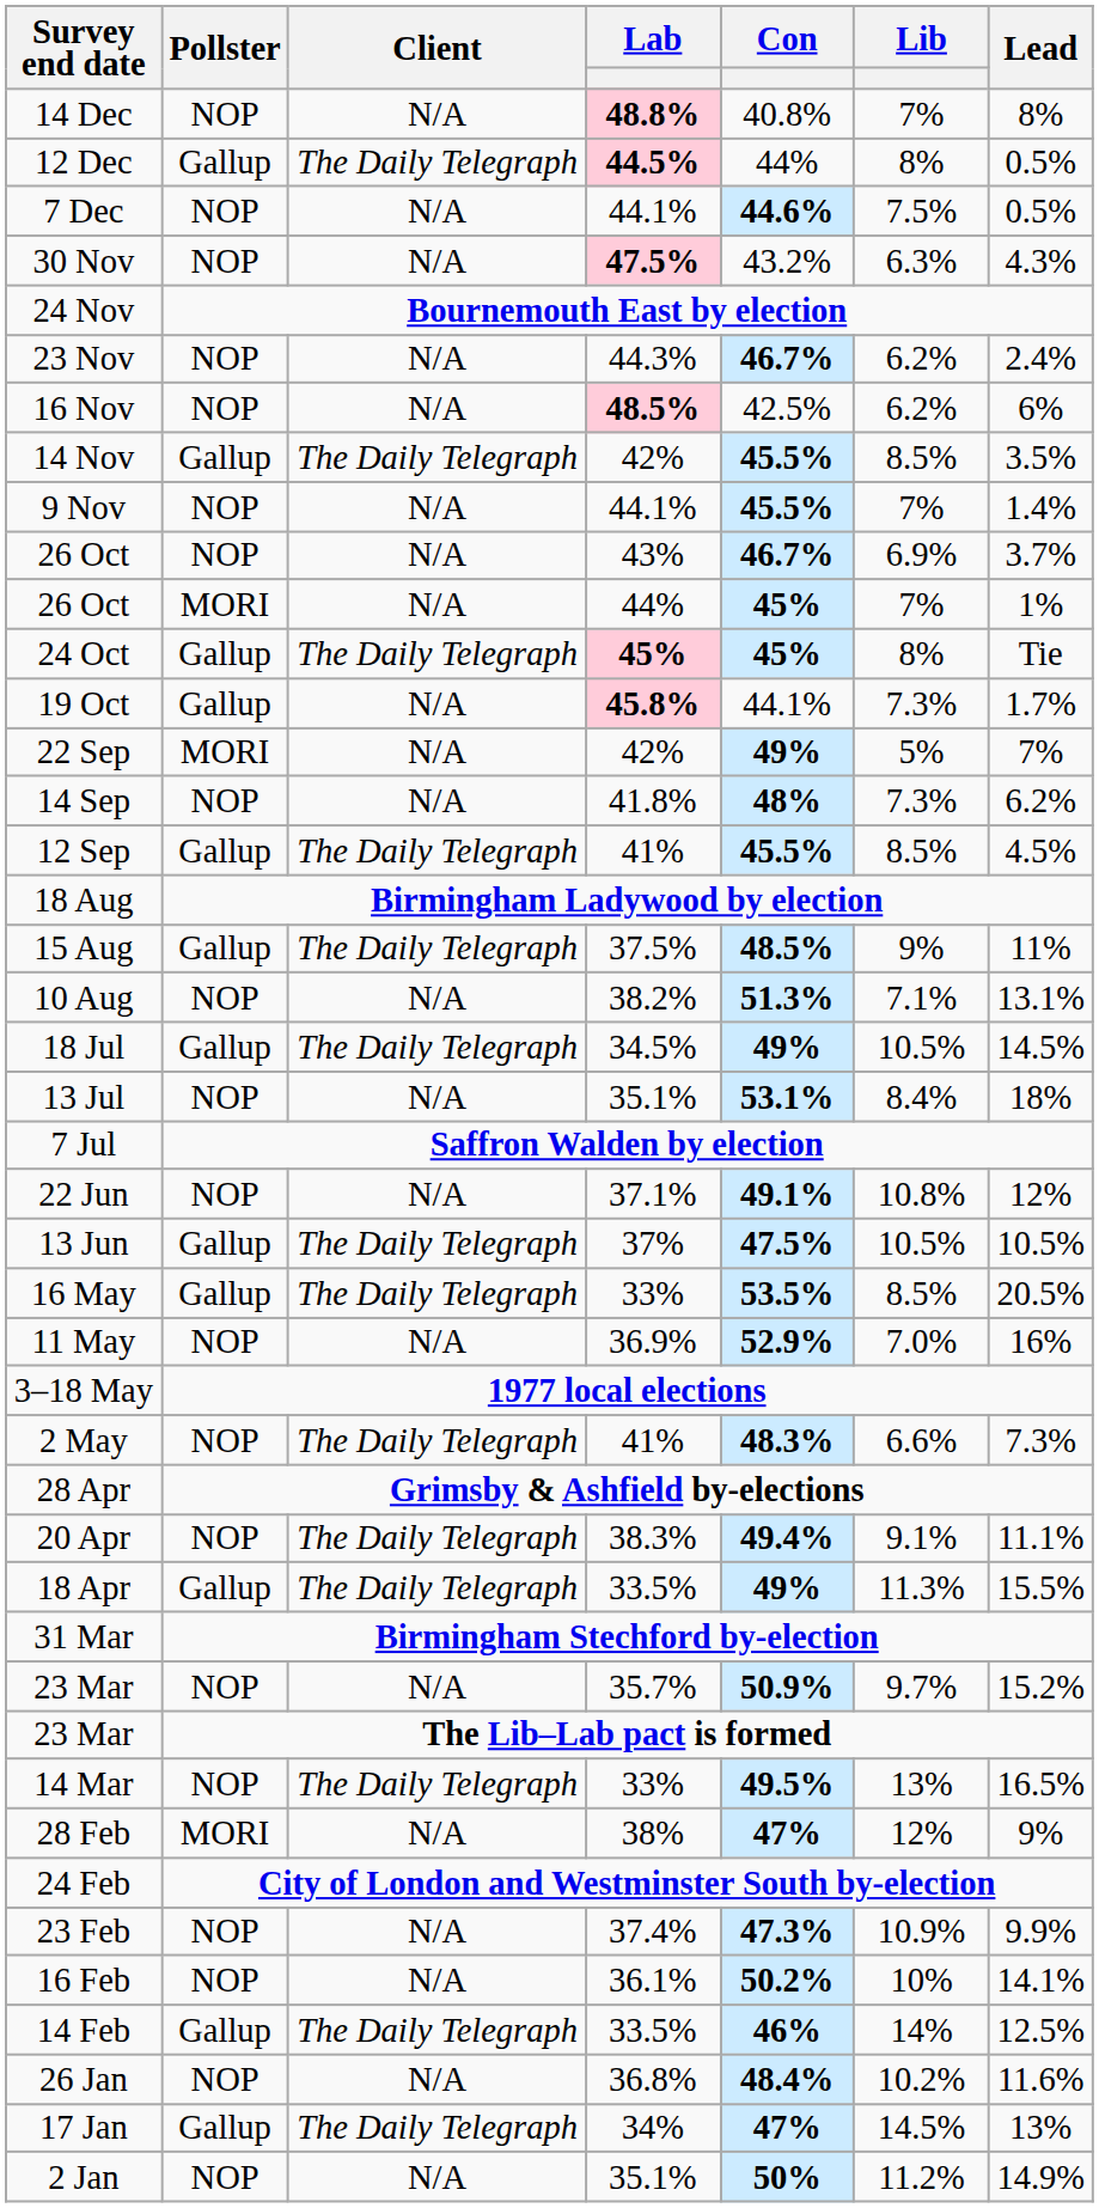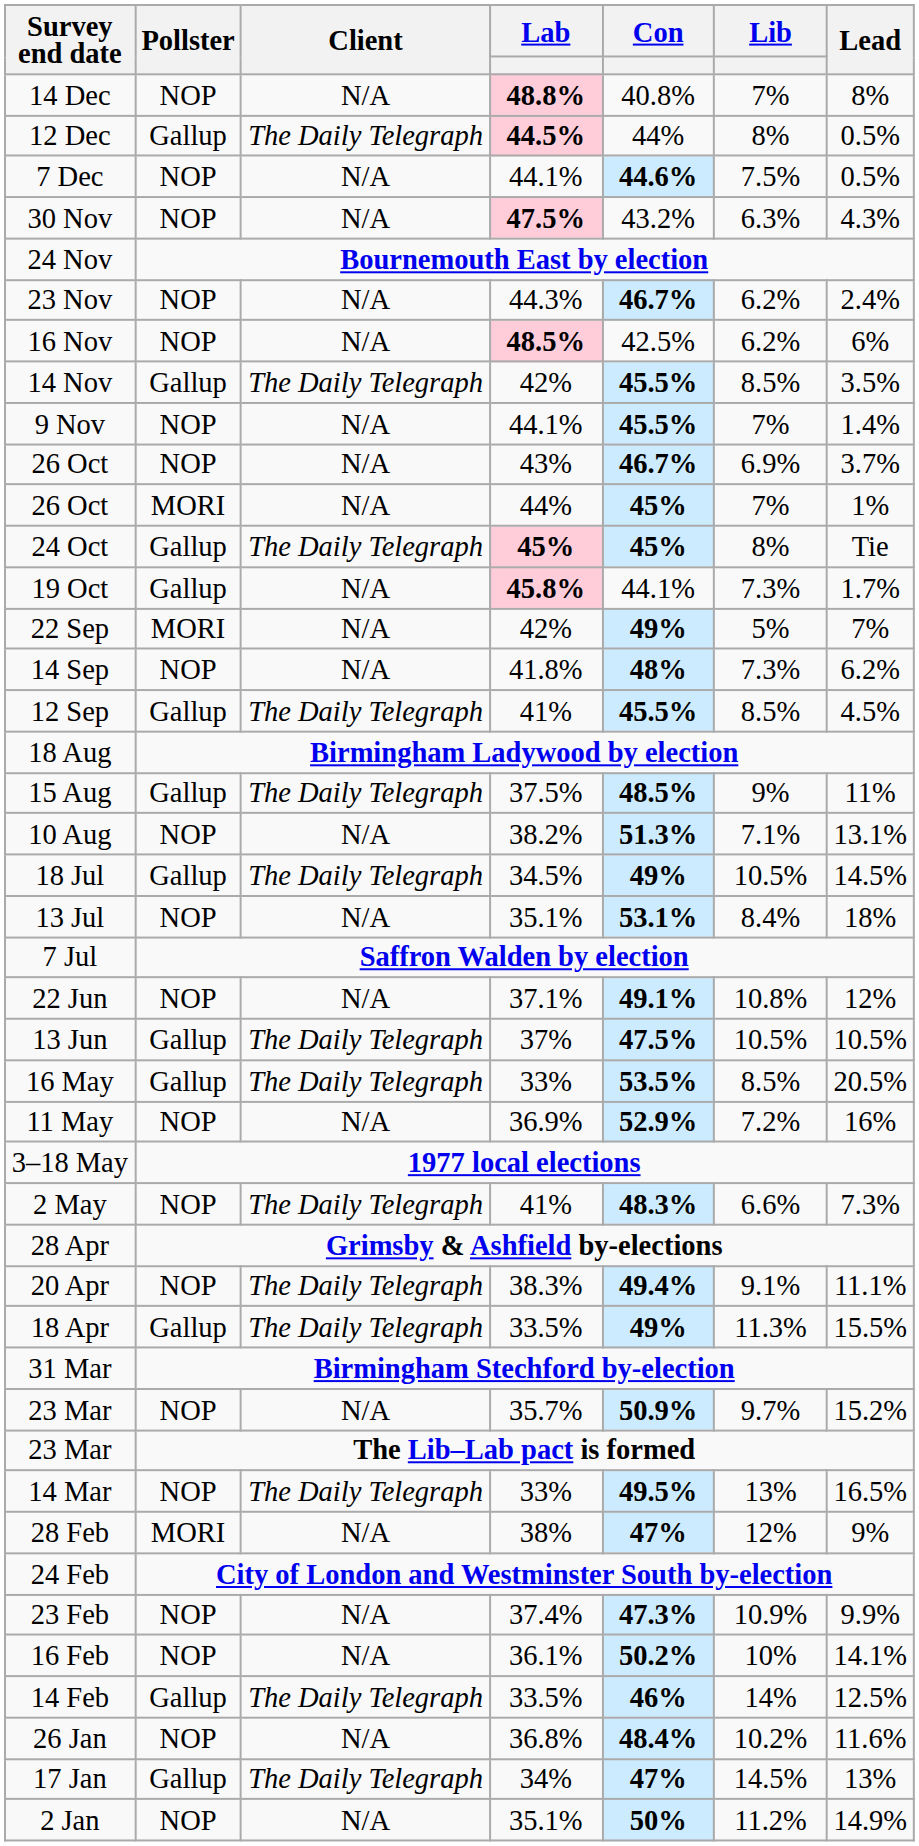 <table class="wikitable sortable mw-datatable" style="text-align:center;font-size:90%;line-height:14px;">
 <tr>
 <th rowspan="2">Survey<br>end date</th>
 <th rowspan="2">Pollster</th>
 <th rowspan="2">Client</th>
 <th class="unsortable" style="width:50px;"><a href='#'>Lab</a></th>
 <th class="unsortable" style="width:50px;"><a href='#'>Con</a></th>
 <th class="unsortable" style="width:50px;"><a href='#'>Lib</a></th>
 <th rowspan="2">Lead</th>
 </tr>
 <tr>
 <th style="background:"></th>
 <th style="background:"></th>
 <th style="background:"></th>
 </tr>
 <tr>
 <td>14 Dec</td>
 <td>NOP</td>
 <td>N/A</td>
 <td style="background:#FFCCDA;"><strong>48.8%</strong></td>
 <td>40.8%</td>
 <td>7%</td>
 <td style="background:">8%</td>
 </tr>
 <tr>
 <td>12 Dec</td>
 <td>Gallup</td>
 <td><em>The Daily Telegraph</em></td>
 <td style="background:#FFCCDA;"><strong>44.5%</strong></td>
 <td>44%</td>
 <td>8%</td>
 <td style="background:">0.5%</td>
 </tr>
 <tr>
 <td>7 Dec</td>
 <td>NOP</td>
 <td>N/A</td>
 <td>44.1%</td>
 <td style="background:#CCEBFF;"><strong>44.6%</strong></td>
 <td>7.5%</td>
 <td style="background:">0.5%</td>
 </tr>
 <tr>
 <td>30 Nov</td>
 <td>NOP</td>
 <td>N/A</td>
 <td style="background:#FFCCDA;"><strong>47.5%</strong></td>
 <td>43.2%</td>
 <td>6.3%</td>
 <td style="background:">4.3%</td>
 </tr>
 <tr>
 <td>24 Nov</td>
 <td colspan="6"><a href='#'><strong>Bournemouth East by election</strong></a></td>
 </tr>
 <tr>
 <td>23 Nov</td>
 <td>NOP</td>
 <td>N/A</td>
 <td>44.3%</td>
 <td style="background:#CCEBFF;"><strong>46.7%</strong></td>
 <td>6.2%</td>
 <td style="background:">2.4%</td>
 </tr>
 <tr>
 <td>16 Nov</td>
 <td>NOP</td>
 <td>N/A</td>
 <td style="background:#FFCCDA;"><strong>48.5%</strong></td>
 <td>42.5%</td>
 <td>6.2%</td>
 <td style="background:">6%</td>
 </tr>
 <tr>
 <td>14 Nov</td>
 <td>Gallup</td>
 <td><em>The Daily Telegraph</em></td>
 <td>42%</td>
 <td style="background:#CCEBFF;"><strong>45.5%</strong></td>
 <td>8.5%</td>
 <td style="background:">3.5%</td>
 </tr>
 <tr>
 <td>9 Nov</td>
 <td>NOP</td>
 <td>N/A</td>
 <td>44.1%</td>
 <td style="background:#CCEBFF;"><strong>45.5%</strong></td>
 <td>7%</td>
 <td style="background:">1.4%</td>
 </tr>
 <tr>
 <td>26 Oct</td>
 <td>NOP</td>
 <td>N/A</td>
 <td>43%</td>
 <td style="background:#CCEBFF;"><strong>46.7%</strong></td>
 <td>6.9%</td>
 <td style="background:">3.7%</td>
 </tr>
 <tr>
 <td>26 Oct</td>
 <td>MORI</td>
 <td>N/A</td>
 <td>44%</td>
 <td style="background:#CCEBFF;"><strong>45%</strong></td>
 <td>7%</td>
 <td style="background:">1%</td>
 </tr>
 <tr>
 <td>24 Oct</td>
 <td>Gallup</td>
 <td><em>The Daily Telegraph</em></td>
 <td style="background:#FFCCDA;"><strong>45%</strong></td>
 <td style="background:#CCEBFF;"><strong>45%</strong></td>
 <td>8%</td>
 <td>Tie</td>
 </tr>
 <tr>
 <td>19 Oct</td>
 <td>Gallup</td>
 <td>N/A</td>
 <td style="background:#FFCCDA;"><strong>45.8%</strong></td>
 <td>44.1%</td>
 <td>7.3%</td>
 <td style="background:">1.7%</td>
 </tr>
 <tr>
 <td>22 Sep</td>
 <td>MORI</td>
 <td>N/A</td>
 <td>42%</td>
 <td style="background:#CCEBFF;"><strong>49%</strong></td>
 <td>5%</td>
 <td style="background:">7%</td>
 </tr>
 <tr>
 <td>14 Sep</td>
 <td>NOP</td>
 <td>N/A</td>
 <td>41.8%</td>
 <td style="background:#CCEBFF;"><strong>48%</strong></td>
 <td>7.3%</td>
 <td style="background:">6.2%</td>
 </tr>
 <tr>
 <td>12 Sep</td>
 <td>Gallup</td>
 <td><em>The Daily Telegraph</em></td>
 <td>41%</td>
 <td style="background:#CCEBFF;"><strong>45.5%</strong></td>
 <td>8.5%</td>
 <td style="background:">4.5%</td>
 </tr>
 <tr>
 <td>18 Aug</td>
 <td colspan="6"><a href='#'><strong>Birmingham Ladywood by election</strong></a></td>
 </tr>
 <tr>
 <td>15 Aug</td>
 <td>Gallup</td>
 <td><em>The Daily Telegraph</em></td>
 <td>37.5%</td>
 <td style="background:#CCEBFF;"><strong>48.5%</strong></td>
 <td>9%</td>
 <td style="background:">11%</td>
 </tr>
 <tr>
 <td>10 Aug</td>
 <td>NOP</td>
 <td>N/A</td>
 <td>38.2%</td>
 <td style="background:#CCEBFF;"><strong>51.3%</strong></td>
 <td>7.1%</td>
 <td style="background:">13.1%</td>
 </tr>
 <tr>
 <td>18 Jul</td>
 <td>Gallup</td>
 <td><em>The Daily Telegraph</em></td>
 <td>34.5%</td>
 <td style="background:#CCEBFF;"><strong>49%</strong></td>
 <td>10.5%</td>
 <td style="background:">14.5%</td>
 </tr>
 <tr>
 <td>13 Jul</td>
 <td>NOP</td>
 <td>N/A</td>
 <td>35.1%</td>
 <td style="background:#CCEBFF;"><strong>53.1%</strong></td>
 <td>8.4%</td>
 <td style="background:">18%</td>
 </tr>
 <tr>
 <td>7 Jul</td>
 <td colspan="6"><a href='#'><strong>Saffron Walden by election</strong></a></td>
 </tr>
 <tr>
 <td>22 Jun</td>
 <td>NOP</td>
 <td>N/A</td>
 <td>37.1%</td>
 <td style="background:#CCEBFF;"><strong>49.1%</strong></td>
 <td>10.8%</td>
 <td style="background:">12%</td>
 </tr>
 <tr>
 <td>13 Jun</td>
 <td>Gallup</td>
 <td><em>The Daily Telegraph</em></td>
 <td>37%</td>
 <td style="background:#CCEBFF;"><strong>47.5%</strong></td>
 <td>10.5%</td>
 <td style="background:">10.5%</td>
 </tr>
 <tr>
 <td>16 May</td>
 <td>Gallup</td>
 <td><em>The Daily Telegraph</em></td>
 <td>33%</td>
 <td style="background:#CCEBFF;"><strong>53.5%</strong></td>
 <td>8.5%</td>
 <td style="background:">20.5%</td>
 </tr>
 <tr>
 <td>11 May</td>
 <td>NOP</td>
 <td>N/A</td>
 <td>36.9%</td>
 <td style="background:#CCEBFF;"><strong>52.9%</strong></td>
-<td>7.0%</td>
+<td>7.2%</td>
 <td style="background:">16%</td>
 </tr>
 <tr>
 <td>3–18 May</td>
 <td colspan="6"><strong><a href='#'>1977 local elections</a></strong></td>
 </tr>
 <tr>
 <td>2 May</td>
 <td>NOP</td>
 <td><em>The Daily Telegraph</em></td>
 <td>41%</td>
 <td style="background:#CCEBFF;"><strong>48.3%</strong></td>
 <td>6.6%</td>
 <td style="background:">7.3%</td>
 </tr>
 <tr>
 <td>28 Apr</td>
 <td colspan="6"><strong><a href='#'>Grimsby</a> & <a href='#'>Ashfield</a> by-elections</strong></td>
 </tr>
 <tr>
 <td>20 Apr</td>
 <td>NOP</td>
 <td><em>The Daily Telegraph</em></td>
 <td>38.3%</td>
 <td style="background:#CCEBFF;"><strong>49.4%</strong></td>
 <td>9.1%</td>
 <td style="background:">11.1%</td>
 </tr>
 <tr>
 <td>18 Apr</td>
 <td>Gallup</td>
 <td><em>The Daily Telegraph</em></td>
 <td>33.5%</td>
 <td style="background:#CCEBFF;"><strong>49%</strong></td>
 <td>11.3%</td>
 <td style="background:">15.5%</td>
 </tr>
 <tr>
 <td>31 Mar</td>
 <td colspan="6"><a href='#'><strong>Birmingham Stechford by-election</strong></a></td>
 </tr>
 <tr>
 <td>23 Mar</td>
 <td>NOP</td>
 <td>N/A</td>
 <td>35.7%</td>
 <td style="background:#CCEBFF;"><strong>50.9%</strong></td>
 <td>9.7%</td>
 <td style="background:">15.2%</td>
 </tr>
 <tr>
 <td>23 Mar</td>
 <td colspan="6"><strong>The <a href='#'>Lib–Lab pact</a> is formed</strong></td>
 </tr>
 <tr>
 <td>14 Mar</td>
 <td>NOP</td>
 <td><em>The Daily Telegraph</em></td>
 <td>33%</td>
 <td style="background:#CCEBFF;"><strong>49.5%</strong></td>
 <td>13%</td>
 <td style="background:">16.5%</td>
 </tr>
 <tr>
 <td>28 Feb</td>
 <td>MORI</td>
 <td>N/A</td>
 <td>38%</td>
 <td style="background:#CCEBFF;"><strong>47%</strong></td>
 <td>12%</td>
 <td style="background:">9%</td>
 </tr>
 <tr>
 <td>24 Feb</td>
 <td colspan="6"><a href='#'><strong>City of London and Westminster South by-election</strong></a></td>
 </tr>
 <tr>
 <td>23 Feb</td>
 <td>NOP</td>
 <td>N/A</td>
 <td>37.4%</td>
 <td style="background:#CCEBFF;"><strong>47.3%</strong></td>
 <td>10.9%</td>
 <td style="background:">9.9%</td>
 </tr>
 <tr>
 <td>16 Feb</td>
 <td>NOP</td>
 <td>N/A</td>
 <td>36.1%</td>
 <td style="background:#CCEBFF;"><strong>50.2%</strong></td>
 <td>10%</td>
 <td style="background:">14.1%</td>
 </tr>
 <tr>
 <td>14 Feb</td>
 <td>Gallup</td>
 <td><em>The Daily Telegraph</em></td>
 <td>33.5%</td>
 <td style="background:#CCEBFF;"><strong>46%</strong></td>
 <td>14%</td>
 <td style="background:">12.5%</td>
 </tr>
 <tr>
 <td>26 Jan</td>
 <td>NOP</td>
 <td>N/A</td>
 <td>36.8%</td>
 <td style="background:#CCEBFF;"><strong>48.4%</strong></td>
 <td>10.2%</td>
 <td style="background:">11.6%</td>
 </tr>
 <tr>
 <td>17 Jan</td>
 <td>Gallup</td>
 <td><em>The Daily Telegraph</em></td>
 <td>34%</td>
 <td style="background:#CCEBFF;"><strong>47%</strong></td>
 <td>14.5%</td>
 <td style="background:">13%</td>
 </tr>
 <tr>
 <td>2 Jan</td>
 <td>NOP</td>
 <td>N/A</td>
 <td>35.1%</td>
 <td style="background:#CCEBFF;"><strong>50%</strong></td>
 <td>11.2%</td>
 <td style="background:">14.9%</td>
 </tr>
 </table>
